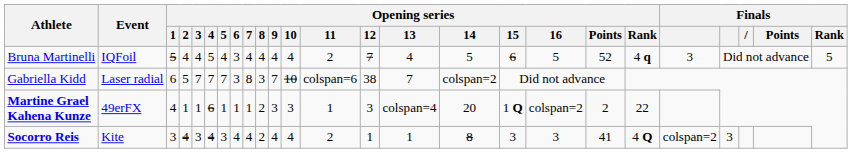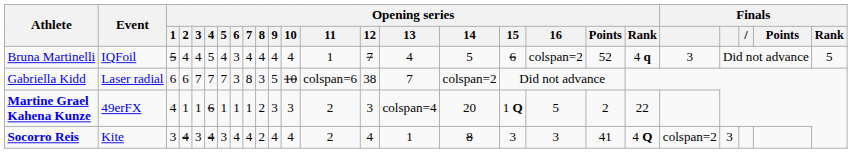 <table class=wikitable style=font-size:90%;text-align:center>
 <tr>
 <th rowspan=2>Athlete</th>
 <th rowspan=2>Event</th>
 <th colspan=18>Opening series</th>
 <th colspan=5>Finals</th>
 </tr>
 <tr style=font-size:95%>
 <th>1</th>
 <th>2</th>
 <th>3</th>
 <th>4</th>
 <th>5</th>
 <th>6</th>
 <th>7</th>
 <th>8</th>
 <th>9</th>
 <th>10</th>
 <th>11</th>
 <th>12</th>
 <th>13</th>
 <th>14</th>
 <th>15</th>
 <th>16</th>
 <th>Points</th>
 <th>Rank</th>
 <th></th>
 <th></th>
 <th> / </th>
 <th>Points</th>
 <th>Rank</th>
 </tr>
 <tr>
 <td align=left><a href='#'>Bruna Martinelli</a></td>
 <td align=left><a href='#'>IQFoil</a></td>
 <td><s>5</s></td>
 <td>4</td>
 <td>4</td>
 <td>5</td>
 <td>4</td>
 <td>3</td>
 <td>4</td>
 <td>4</td>
 <td>4</td>
 <td>4</td>
-<td>2</td>
+<td>1</td>
 <td><s>7</s></td>
 <td>4</td>
 <td>5</td>
 <td><s>6</s></td>
-<td>5</td>
+<td>colspan=2 </td>
 <td>52</td>
 <td>4 <strong>q</strong></td>
 <td>3</td>
 <td colspan=3>Did not advance</td>
 <td>5</td>
 </tr>
 <tr>
 <td align=left><a href='#'>Gabriella Kidd</a></td>
 <td align=left><a href='#'>Laser radial</a></td>
 <td>6</td>
-<td>5</td>
+<td>6</td>
 <td>7</td>
 <td>7</td>
 <td>7</td>
 <td>3</td>
 <td>8</td>
 <td>3</td>
-<td>7</td>
+<td>5</td>
 <td><s>10</s></td>
 <td>colspan=6 </td>
 <td>38</td>
 <td>7</td>
 <td>colspan=2 </td>
 <td colspan=3>Did not advance</td>
 </tr>
 <tr>
 <td align=left><strong><a href='#'>Martine Grael</a><br><a href='#'>Kahena Kunze</a></strong></td>
 <td align=left><a href='#'>49erFX</a></td>
 <td>4</td>
 <td>1</td>
 <td>1</td>
 <td><s>6<br></s></td>
 <td>1</td>
 <td>1</td>
 <td>1</td>
 <td>2</td>
 <td>3</td>
 <td>3</td>
-<td>1</td>
+<td>2</td>
 <td>3</td>
 <td>colspan=4 </td>
 <td>20</td>
 <td>1 <strong>Q</strong></td>
-<td>colspan=2 </td>
+<td>5</td>
 <td>2<br></td>
 <td>22</td>
 <td></td>
 </tr>
 <tr>
 <td align=left><strong><a href='#'>Socorro Reis</a></strong></td>
 <td align=left><a href='#'>Kite</a></td>
 <td>3</td>
 <td><s>4</s></td>
 <td>3</td>
 <td><s>4</s></td>
 <td>3</td>
 <td>4</td>
 <td>4</td>
 <td>2</td>
 <td>4</td>
 <td>4</td>
 <td>2</td>
-<td>1</td>
+<td>4</td>
 <td>1</td>
 <td><s>8<br></s></td>
 <td>3</td>
 <td>3</td>
 <td>41</td>
 <td>4 <strong>Q</strong></td>
 <td>colspan=2 </td>
 <td>3</td>
 <td></td>
 <td></td>
 </tr>
 </table>
